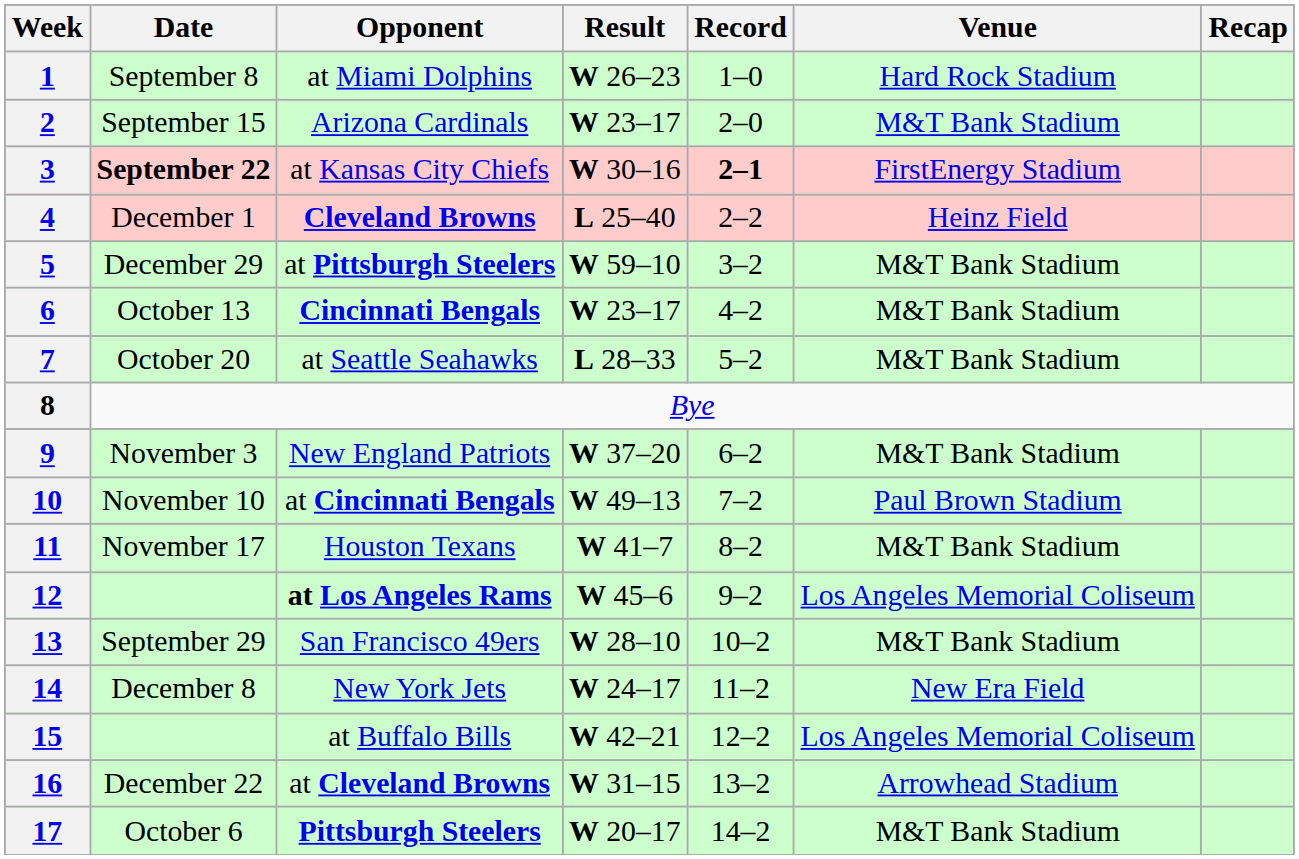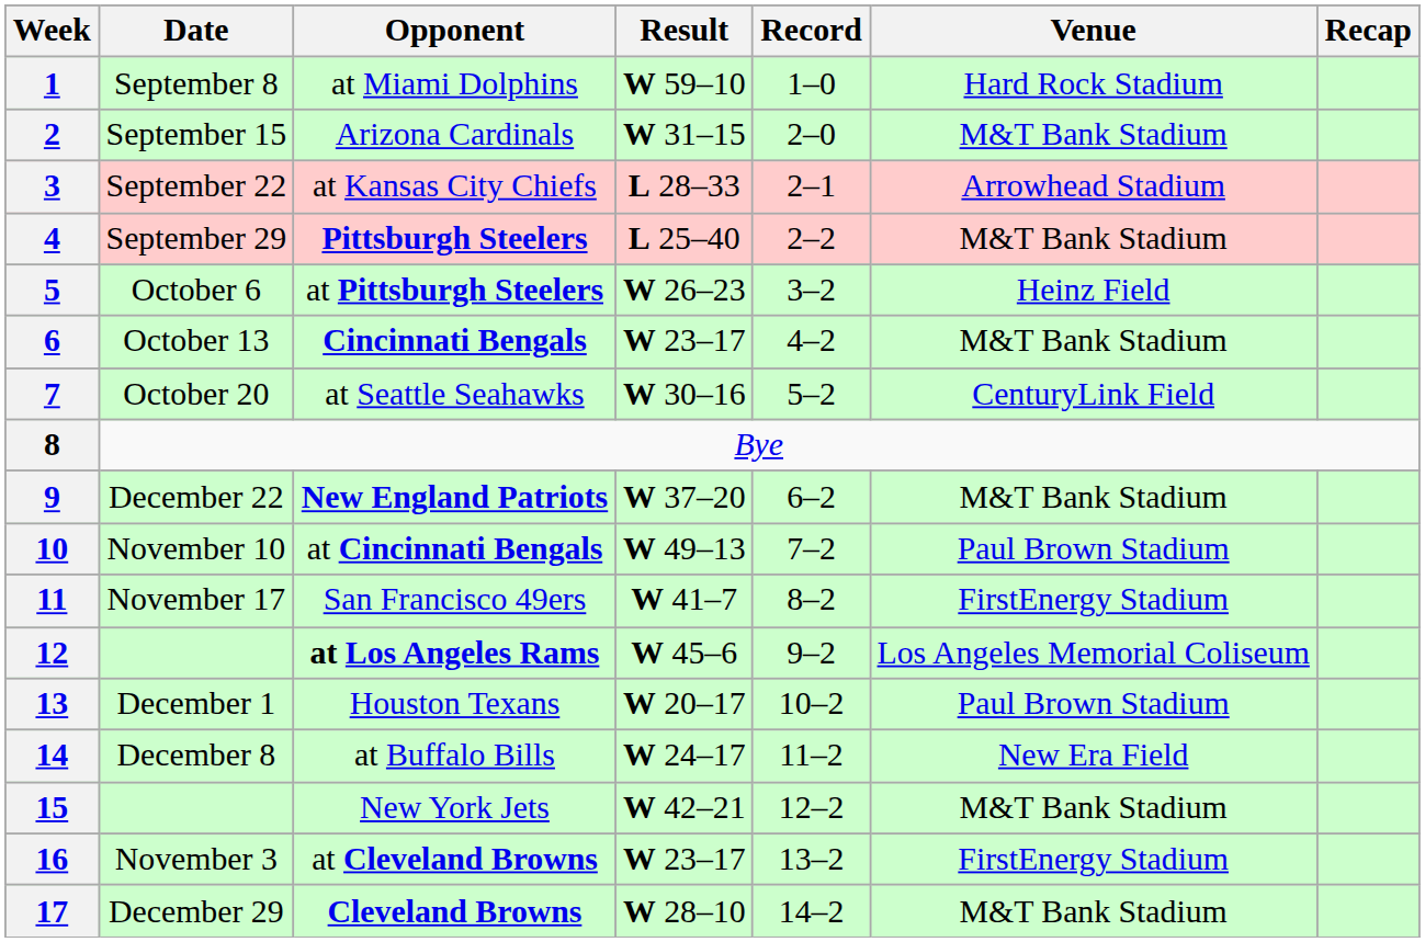 <table class="wikitable" style="text-align:center">
 <tr>
 <th>Week</th>
 <th>Date</th>
 <th>Opponent</th>
 <th>Result</th>
 <th>Record</th>
 <th>Venue</th>
 <th>Recap</th>
 </tr>
 <tr style="background:#cfc">
 <th><a href='#'>1</a></th>
 <td>September 8</td>
 <td>at <a href='#'>Miami Dolphins</a></td>
-<td><strong>W</strong> 26–23 </td>
+<td><strong>W</strong> 59–10</td>
 <td>1–0</td>
 <td><a href='#'>Hard Rock Stadium</a></td>
 <td></td>
 </tr>
 <tr style="background:#cfc">
 <th><a href='#'>2</a></th>
 <td>September 15</td>
 <td><a href='#'>Arizona Cardinals</a></td>
-<td><strong>W</strong> 23–17</td>
+<td><strong>W</strong> 31–15</td>
 <td>2–0</td>
 <td><a href='#'>M&T Bank Stadium</a></td>
 <td></td>
 </tr>
 <tr style="background:#fcc">
 <th><a href='#'>3</a></th>
-<td><strong>September 22</strong></td>
+<td>September 22</td>
 <td>at <a href='#'>Kansas City Chiefs</a></td>
-<td><strong>W</strong> 30–16</td>
-<td><strong>2–1</strong></td>
-<td><a href='#'>FirstEnergy Stadium</a></td>
+<td><strong>L</strong> 28–33</td>
+<td>2–1</td>
+<td><a href='#'>Arrowhead Stadium</a></td>
 <td></td>
 </tr>
 <tr style="background:#fcc">
 <th><a href='#'>4</a></th>
-<td>December 1</td>
-<td><strong><a href='#'>Cleveland Browns</a></strong></td>
+<td>September 29</td>
+<td><strong><a href='#'>Pittsburgh Steelers</a></strong></td>
 <td><strong>L</strong> 25–40</td>
 <td>2–2</td>
-<td><a href='#'>Heinz Field</a></td>
+<td>M&T Bank Stadium</td>
 <td></td>
 </tr>
 <tr style="background:#cfc">
 <th><a href='#'>5</a></th>
-<td>December 29</td>
+<td>October 6</td>
 <td>at <strong><a href='#'>Pittsburgh Steelers</a></strong></td>
-<td><strong>W</strong> 59–10</td>
+<td><strong>W</strong> 26–23 </td>
 <td>3–2</td>
-<td>M&T Bank Stadium</td>
+<td><a href='#'>Heinz Field</a></td>
 <td></td>
 </tr>
 <tr style="background:#cfc">
 <th><a href='#'>6</a></th>
 <td>October 13</td>
 <td><strong><a href='#'>Cincinnati Bengals</a></strong></td>
 <td><strong>W</strong> 23–17</td>
 <td>4–2</td>
 <td>M&T Bank Stadium</td>
 <td></td>
 </tr>
 <tr style="background:#cfc">
 <th><a href='#'>7</a></th>
 <td>October 20</td>
 <td>at <a href='#'>Seattle Seahawks</a></td>
-<td><strong>L</strong> 28–33</td>
+<td><strong>W</strong> 30–16</td>
 <td>5–2</td>
-<td>M&T Bank Stadium</td>
+<td><a href='#'>CenturyLink Field</a></td>
 <td></td>
 </tr>
 <tr>
 <th>8</th>
 <td colspan="6"><em><a href='#'>Bye</a></em></td>
 </tr>
 <tr style="background:#cfc">
 <th><a href='#'>9</a></th>
-<td>November 3</td>
-<td><a href='#'>New England Patriots</a></td>
+<td>December 22</td>
+<td><strong><a href='#'>New England Patriots</a></strong></td>
 <td><strong>W</strong> 37–20</td>
 <td>6–2</td>
 <td>M&T Bank Stadium</td>
 <td></td>
 </tr>
 <tr style="background:#cfc">
 <th><a href='#'>10</a></th>
 <td>November 10</td>
 <td>at <strong><a href='#'>Cincinnati Bengals</a></strong></td>
 <td><strong>W</strong> 49–13</td>
 <td>7–2</td>
 <td><a href='#'>Paul Brown Stadium</a></td>
 <td></td>
 </tr>
 <tr style="background:#cfc">
 <th><a href='#'>11</a></th>
 <td>November 17</td>
-<td><a href='#'>Houston Texans</a></td>
+<td><a href='#'>San Francisco 49ers</a></td>
 <td><strong>W</strong> 41–7</td>
 <td>8–2</td>
-<td>M&T Bank Stadium</td>
+<td><a href='#'>FirstEnergy Stadium</a></td>
 <td></td>
 </tr>
 <tr style="background:#cfc">
 <th><a href='#'>12</a></th>
 <td></td>
 <td><strong>at <a href='#'>Los Angeles Rams</a></strong></td>
 <td><strong>W</strong> 45–6</td>
 <td>9–2</td>
 <td><a href='#'>Los Angeles Memorial Coliseum</a></td>
 <td></td>
 </tr>
 <tr style="background:#cfc">
 <th><a href='#'>13</a></th>
-<td>September 29</td>
-<td><a href='#'>San Francisco 49ers</a></td>
-<td><strong>W</strong> 28–10</td>
+<td>December 1</td>
+<td><a href='#'>Houston Texans</a></td>
+<td><strong>W</strong> 20–17</td>
 <td>10–2</td>
-<td>M&T Bank Stadium</td>
+<td><a href='#'>Paul Brown Stadium</a></td>
 <td></td>
 </tr>
 <tr style="background:#cfc">
 <th><a href='#'>14</a></th>
 <td>December 8</td>
-<td><a href='#'>New York Jets</a></td>
+<td>at <a href='#'>Buffalo Bills</a></td>
 <td><strong>W</strong> 24–17</td>
 <td>11–2</td>
 <td><a href='#'>New Era Field</a></td>
 <td></td>
 </tr>
 <tr style="background:#cfc">
 <th><a href='#'>15</a></th>
 <td></td>
-<td>at <a href='#'>Buffalo Bills</a></td>
+<td><a href='#'>New York Jets</a></td>
 <td><strong>W</strong> 42–21</td>
 <td>12–2</td>
-<td><a href='#'>Los Angeles Memorial Coliseum</a></td>
+<td>M&T Bank Stadium</td>
 <td></td>
 </tr>
 <tr style="background:#cfc">
 <th><a href='#'>16</a></th>
-<td>December 22</td>
+<td>November 3</td>
 <td>at <strong><a href='#'>Cleveland Browns</a></strong></td>
-<td><strong>W</strong> 31–15</td>
+<td><strong>W</strong> 23–17</td>
 <td>13–2</td>
-<td><a href='#'>Arrowhead Stadium</a></td>
+<td><a href='#'>FirstEnergy Stadium</a></td>
 <td></td>
 </tr>
 <tr style="background:#cfc">
 <th><a href='#'>17</a></th>
-<td>October 6</td>
-<td><strong><a href='#'>Pittsburgh Steelers</a></strong></td>
-<td><strong>W</strong> 20–17</td>
+<td>December 29</td>
+<td><strong><a href='#'>Cleveland Browns</a></strong></td>
+<td><strong>W</strong> 28–10</td>
 <td>14–2</td>
 <td>M&T Bank Stadium</td>
 <td></td>
 </tr>
 </table>
